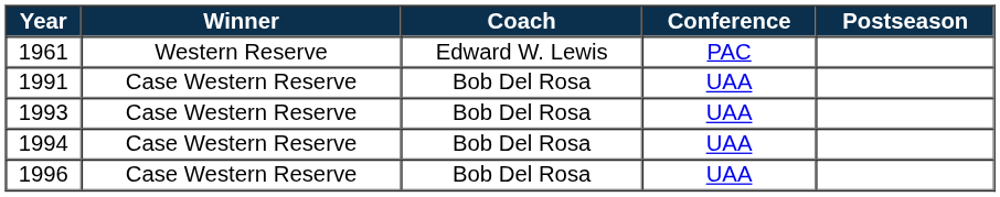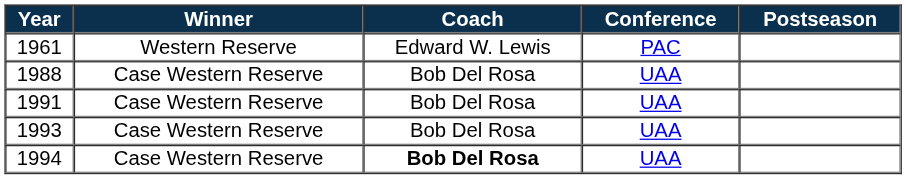 <table bcellpadding="1" border="1" cellspacing="0" style="width:80%;"valign="top">
 <tr>
 <th - style="background:#0A304E; color:white">Year</th>
 <th - style="background:#0A304E; color:white">Winner</th>
 <th - style="background:#0A304E; color:white">Coach</th>
 <th - style="background:#0A304E; color:white">Conference</th>
 <th - style="background:#0A304E; color:white">Postseason</th>
 </tr>
 <tr style="text-align:center;">
 <td>1961</td>
 <td>Western Reserve</td>
 <td>Edward W. Lewis</td>
 <td><a href='#'>PAC</a></td>
+<td></td>
+</tr>
+<tr style="text-align:center;">
+<td>1988</td>
+<td>Case Western Reserve</td>
+<td>Bob Del Rosa</td>
+<td><a href='#'>UAA</a></td>
 <td></td>
 </tr>
 <tr style="text-align:center;">
 <td>1991</td>
 <td>Case Western Reserve</td>
 <td>Bob Del Rosa</td>
 <td><a href='#'>UAA</a></td>
 <td></td>
 </tr>
 <tr style="text-align:center;">
 <td>1993</td>
 <td>Case Western Reserve</td>
 <td>Bob Del Rosa</td>
 <td><a href='#'>UAA</a></td>
 <td></td>
 </tr>
 <tr style="text-align:center;">
 <td>1994</td>
 <td>Case Western Reserve</td>
-<td>Bob Del Rosa</td>
-<td><a href='#'>UAA</a></td>
-<td></td>
-</tr>
-<tr style="text-align:center;">
-<td>1996</td>
-<td>Case Western Reserve</td>
-<td>Bob Del Rosa</td>
+<td><strong>Bob Del Rosa</strong></td>
 <td><a href='#'>UAA</a></td>
 <td></td>
 </tr>
 <tr style="text-align:center;">
 </tr>
 </table>
